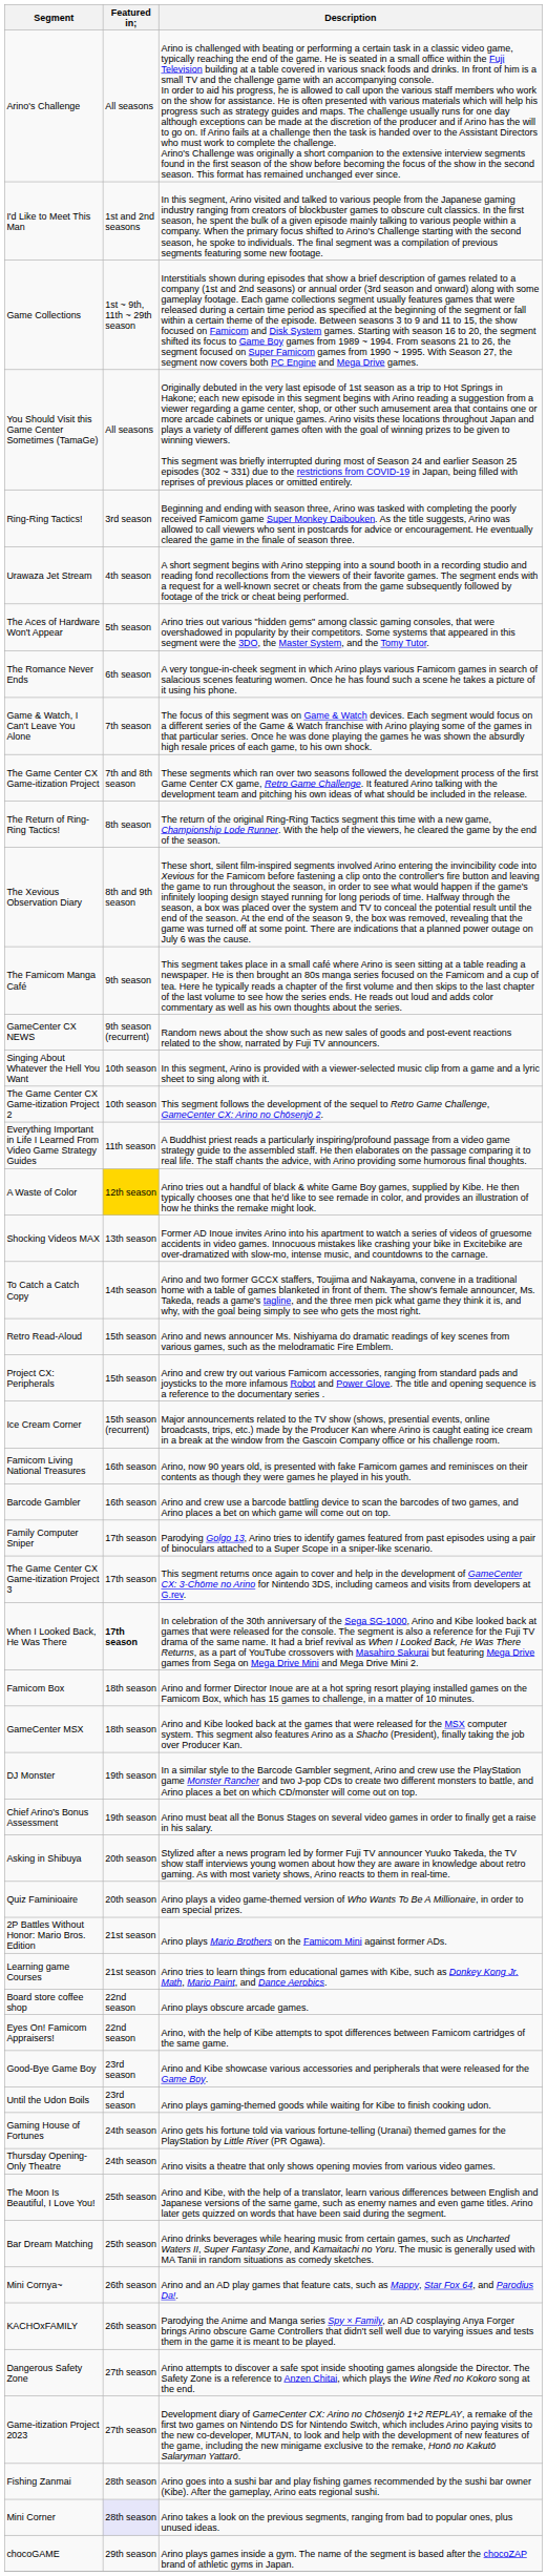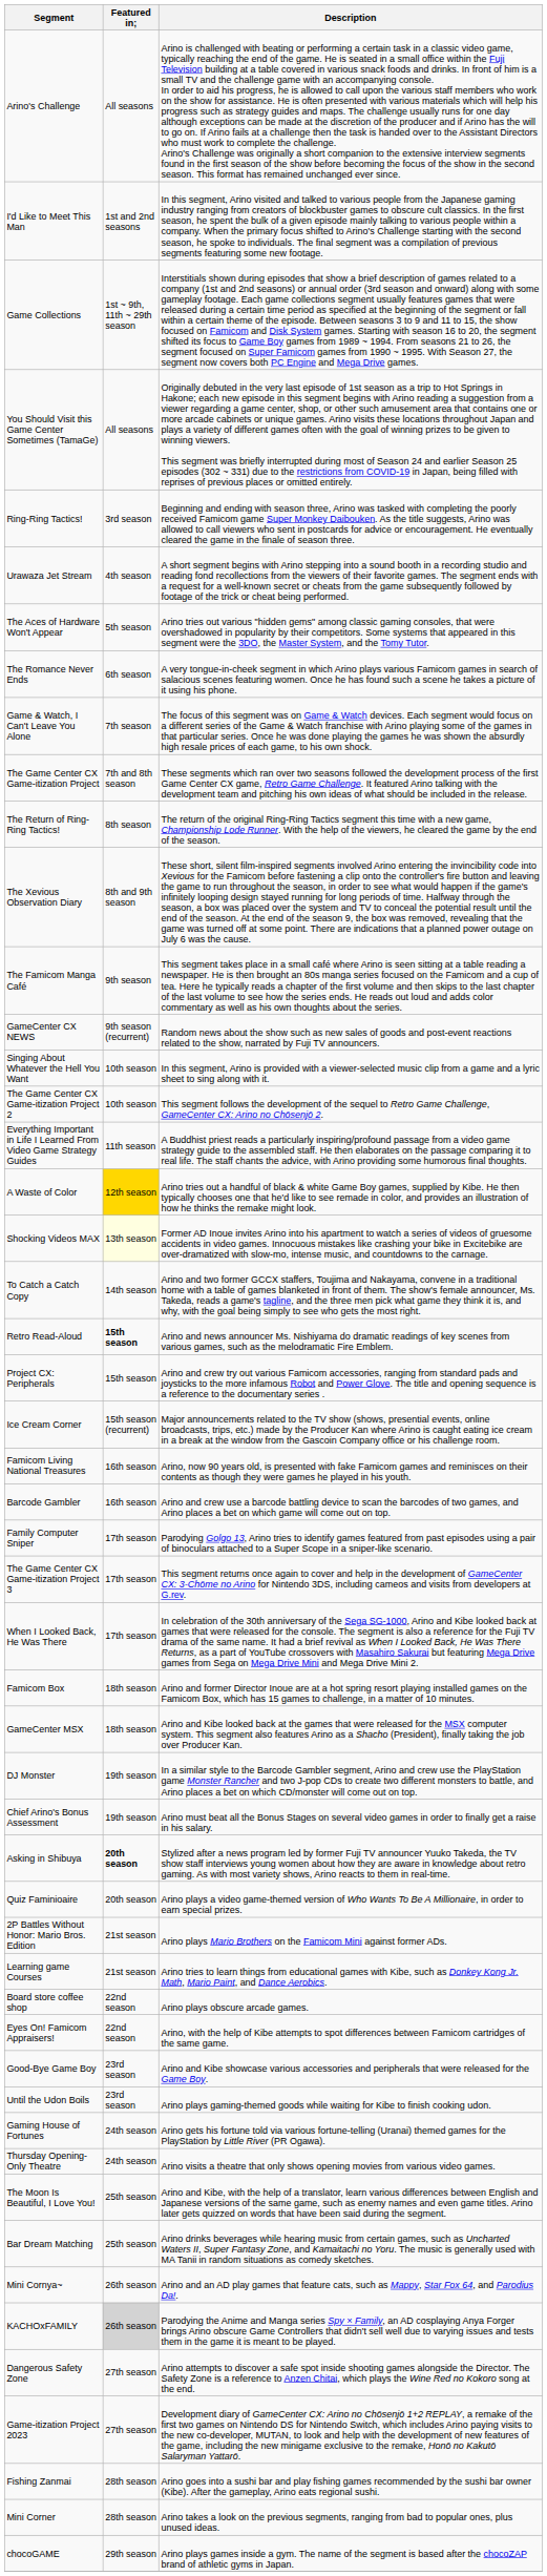 <table class="wikitable" style="font-size: 95%;">
 <tr>
 <th>Segment</th>
 <th>Featured in;</th>
 <th>Description</th>
 </tr>
 <tr>
 <td>Arino's Challenge</td>
 <td>All seasons</td>
 <td><br>Arino is challenged with beating or performing a certain task in a classic video game, typically reaching the end of the game. He is seated in a small office within the <a href='#'>Fuji Television</a> building at a table covered in various snack foods and drinks. In front of him is a small TV and the challenge game with an accompanying console.<br>In order to aid his progress, he is allowed to call upon the various staff members who work on the show for assistance. He is often presented with various materials which will help his progress such as strategy guides and maps. The challenge usually runs for one day although exceptions can be made at the discretion of the producer and if Arino has the will to go on. If Arino fails at a challenge then the task is handed over to the Assistant Directors who must work to complete the challenge.<br>Arino's Challenge was originally a short companion to the extensive interview segments found in the first season of the show before becoming the focus of the show in the second season. This format has remained unchanged ever since.</td>
 </tr>
 <tr>
 <td>I'd Like to Meet This Man</td>
 <td>1st and 2nd seasons</td>
 <td><br>In this segment, Arino visited and talked to various people from the Japanese gaming industry ranging from creators of blockbuster games to obscure cult classics. In the first season, he spent the bulk of a given episode mainly talking to various people within a company. When the primary focus shifted to Arino's Challenge starting with the second season, he spoke to individuals. The final segment was a compilation of previous segments featuring some new footage.</td>
 </tr>
 <tr>
 <td>Game Collections</td>
 <td>1st ~ 9th, 11th ~ 29th season</td>
 <td><br>Interstitials shown during episodes that show a brief description of games related to a company (1st and 2nd seasons) or annual order (3rd season and onward) along with some gameplay footage. Each game collections segment usually features games that were released during a certain time period as specified at the beginning of the segment or fall within a certain theme of the episode. Between seasons 3 to 9 and 11 to 15, the show focused on <a href='#'>Famicom</a> and <a href='#'>Disk System</a> games. Starting with season 16 to 20, the segment shifted its focus to <a href='#'>Game Boy</a> games from 1989 ~ 1994. From seasons 21 to 26, the segment focused on <a href='#'>Super Famicom</a> games from 1990 ~ 1995. With Season 27, the segment now covers both <a href='#'>PC Engine</a> and <a href='#'>Mega Drive</a> games.</td>
 </tr>
 <tr>
 <td>You Should Visit this Game Center Sometimes (TamaGe)</td>
 <td>All seasons</td>
 <td><br>Originally debuted in the very last episode of 1st season as a trip to Hot Springs in Hakone; each new episode in this segment begins with Arino reading a suggestion from a viewer regarding a game center, shop, or other such amusement area that contains one or more arcade cabinets or unique games. Arino visits these locations throughout Japan and plays a variety of different games often with the goal of winning prizes to be given to winning viewers.<br><br>This segment was briefly interrupted during most of Season 24 and earlier Season 25 episodes (302 ~ 331) due to the <a href='#'>restrictions from COVID-19</a> in Japan, being filled with reprises of previous places or omitted entirely.</td>
 </tr>
 <tr>
 <td>Ring-Ring Tactics!</td>
 <td>3rd season</td>
 <td><br>Beginning and ending with season three, Arino was tasked with completing the poorly received Famicom game <a href='#'>Super Monkey Daibouken</a>. As the title suggests, Arino was allowed to call viewers who sent in postcards for advice or encouragement. He eventually cleared the game in the finale of season three.</td>
 </tr>
 <tr>
 <td>Urawaza Jet Stream</td>
 <td>4th season</td>
 <td><br>A short segment begins with Arino stepping into a sound booth in a recording studio and reading fond recollections from the viewers of their favorite games. The segment ends with a request for a well-known secret or cheats from the game subsequently followed by footage of the trick or cheat being performed.</td>
 </tr>
 <tr>
 <td>The Aces of Hardware Won't Appear</td>
 <td>5th season</td>
 <td><br>Arino tries out various "hidden gems" among classic gaming consoles, that were overshadowed in popularity by their competitors. Some systems that appeared in this segment were the <a href='#'>3DO</a>, the <a href='#'>Master System</a>, and the <a href='#'>Tomy Tutor</a>.</td>
 </tr>
 <tr>
 <td>The Romance Never Ends</td>
 <td>6th season</td>
 <td><br>A very tongue-in-cheek segment in which Arino plays various Famicom games in search of salacious scenes featuring women. Once he has found such a scene he takes a picture of it using his phone.</td>
 </tr>
 <tr>
 <td>Game & Watch, I Can't Leave You Alone</td>
 <td>7th season</td>
 <td><br>The focus of this segment was on <a href='#'>Game & Watch</a> devices. Each segment would focus on a different series of the Game & Watch franchise with Arino playing some of the games in that particular series. Once he was done playing the games he was shown the absurdly high resale prices of each game, to his own shock.</td>
 </tr>
 <tr>
 <td>The Game Center CX Game-itization Project</td>
 <td>7th and 8th season</td>
 <td><br>These segments which ran over two seasons followed the development process of the first Game Center CX game, <em><a href='#'>Retro Game Challenge</a></em>. It featured Arino talking with the development team and pitching his own ideas of what should be included in the release.</td>
 </tr>
 <tr>
 <td>The Return of Ring-Ring Tactics!</td>
 <td>8th season</td>
 <td><br>The return of the original Ring-Ring Tactics segment this time with a new game, <em><a href='#'>Championship Lode Runner</a></em>. With the help of the viewers, he cleared the game by the end of the season.</td>
 </tr>
 <tr>
 <td>The Xevious Observation Diary</td>
 <td>8th and 9th season</td>
 <td><br>These short, silent film-inspired segments involved Arino entering the invincibility code into <em>Xevious</em> for the Famicom before fastening a clip onto the controller's fire button and leaving the game to run throughout the season, in order to see what would happen if the game's infinitely looping design stayed running for long periods of time. Halfway through the season, a box was placed over the system and TV to conceal the potential result until the end of the season. At the end of the season 9, the box was removed, revealing that the game was turned off at some point. There are indications that a planned power outage on July 6 was the cause.</td>
 </tr>
 <tr>
 <td>The Famicom Manga Café</td>
 <td>9th season</td>
 <td><br>This segment takes place in a small café where Arino is seen sitting at a table reading a newspaper. He is then brought an 80s manga series focused on the Famicom and a cup of tea. Here he typically reads a chapter of the first volume and then skips to the last chapter of the last volume to see how the series ends. He reads out loud and adds color commentary as well as his own thoughts about the series.</td>
 </tr>
 <tr>
 <td>GameCenter CX NEWS</td>
 <td>9th season (recurrent)</td>
 <td><br>Random news about the show such as new sales of goods and post-event reactions related to the show, narrated by Fuji TV announcers.</td>
 </tr>
 <tr>
 <td>Singing About Whatever the Hell You Want</td>
 <td>10th season</td>
 <td><br>In this segment, Arino is provided with a viewer-selected music clip from a game and a lyric sheet to sing along with it.</td>
 </tr>
 <tr>
 <td>The Game Center CX Game-itization Project 2</td>
 <td>10th season</td>
 <td><br>This segment follows the development of the sequel to <em>Retro Game Challenge</em>, <em><a href='#'>GameCenter CX: Arino no Chōsenjō 2</a></em>.</td>
 </tr>
 <tr>
 <td>Everything Important in Life I Learned From Video Game Strategy Guides</td>
 <td>11th season</td>
 <td><br>A Buddhist priest reads a particularly inspiring/profound passage from a video game strategy guide to the assembled staff. He then elaborates on the passage comparing it to real life. The staff chants the advice, with Arino providing some humorous final thoughts.</td>
 </tr>
 <tr>
 <td>A Waste of Color</td>
 <td style="background: gold;">12th season</td>
 <td><br>Arino tries out a handful of black & white Game Boy games, supplied by Kibe. He then typically chooses one that he'd like to see remade in color, and provides an illustration of how he thinks the remake might look.</td>
 </tr>
 <tr>
 <td>Shocking Videos MAX</td>
-<td>13th season</td>
+<td style="background: lightyellow;">13th season</td>
 <td><br>Former AD Inoue invites Arino into his apartment to watch a series of videos of gruesome accidents in video games. Innocuous mistakes like crashing your bike in Excitebike are over-dramatized with slow-mo, intense music, and countdowns to the carnage.</td>
 </tr>
 <tr>
 <td>To Catch a Catch Copy</td>
 <td>14th season</td>
 <td><br>Arino and two former GCCX staffers, Toujima and Nakayama, convene in a traditional home with a table of games blanketed in front of them. The show's female announcer, Ms. Takeda, reads a game's <a href='#'>tagline</a>, and the three men pick what game they think it is, and why, with the goal being simply to see who gets the most right.</td>
 </tr>
 <tr>
 <td>Retro Read-Aloud</td>
-<td>15th season</td>
+<td><strong>15th season</strong></td>
 <td><br>Arino and news announcer Ms. Nishiyama do dramatic readings of key scenes from various games, such as the melodramatic Fire Emblem.</td>
 </tr>
 <tr>
 <td>Project CX: Peripherals</td>
 <td>15th season</td>
 <td><br>Arino and crew try out various Famicom accessories, ranging from standard pads and joysticks to the more infamous <a href='#'>Robot</a> and <a href='#'>Power Glove</a>. The title and opening sequence is a reference to the documentary series <em></em>.</td>
 </tr>
 <tr>
 <td>Ice Cream Corner</td>
 <td>15th season (recurrent)</td>
 <td><br>Major announcements related to the TV show (shows, presential events, online broadcasts, trips, etc.) made by the Producer Kan where Arino is caught eating ice cream in a break at the window from the Gascoin Company office or his challenge room.</td>
 </tr>
 <tr>
 <td>Famicom Living National Treasures</td>
 <td>16th season</td>
 <td><br>Arino, now 90 years old, is presented with fake Famicom games and reminisces on their contents as though they were games he played in his youth.</td>
 </tr>
 <tr>
 <td>Barcode Gambler</td>
 <td>16th season</td>
 <td><br>Arino and crew use a barcode battling device to scan the barcodes of two games, and Arino places a bet on which game will come out on top.</td>
 </tr>
 <tr>
 <td>Family Computer Sniper</td>
 <td>17th season</td>
 <td><br>Parodying <em><a href='#'>Golgo 13</a></em>, Arino tries to identify games featured from past episodes using a pair of binoculars attached to a Super Scope in a sniper-like scenario.</td>
 </tr>
 <tr>
 <td>The Game Center CX Game-itization Project 3</td>
 <td>17th season</td>
 <td><br>This segment returns once again to cover and help in the development of <em><a href='#'>GameCenter CX: 3-Chōme no Arino</a></em> for Nintendo 3DS, including cameos and visits from developers at <a href='#'>G.rev</a>.</td>
 </tr>
 <tr>
 <td>When I Looked Back, He Was There</td>
-<td><strong>17th season</strong></td>
+<td>17th season</td>
 <td><br>In celebration of the 30th anniversary of the <a href='#'>Sega SG-1000</a>, Arino and Kibe looked back at games that were released for the console. The segment is also a reference for the Fuji TV drama of the same name. It had a brief revival as <em>When I Looked Back, He Was There Returns</em>, as a part of YouTube crossovers with <a href='#'>Masahiro Sakurai</a> but featuring <a href='#'>Mega Drive</a> games from Sega on <a href='#'>Mega Drive Mini</a> and Mega Drive Mini 2.</td>
 </tr>
 <tr>
 <td>Famicom Box</td>
 <td>18th season</td>
 <td><br>Arino and former Director Inoue are at a hot spring resort playing installed games on the Famicom Box, which has 15 games to challenge, in a matter of 10 minutes.</td>
 </tr>
 <tr>
 <td>GameCenter MSX</td>
 <td>18th season</td>
 <td><br>Arino and Kibe looked back at the games that were released for the <a href='#'>MSX</a> computer system. This segment also features Arino as a <em>Shacho</em> (President), finally taking the job over Producer Kan.</td>
 </tr>
 <tr>
 <td>DJ Monster</td>
 <td>19th season</td>
 <td><br>In a similar style to the Barcode Gambler segment, Arino and crew use the PlayStation game <em><a href='#'>Monster Rancher</a></em> and two J-pop CDs to create two different monsters to battle, and Arino places a bet on which CD/monster will come out on top.</td>
 </tr>
 <tr>
 <td>Chief Arino's Bonus Assessment</td>
 <td>19th season</td>
 <td><br>Arino must beat all the Bonus Stages on several video games in order to finally get a raise in his salary.</td>
 </tr>
 <tr>
 <td>Asking in Shibuya</td>
-<td>20th season</td>
+<td><strong>20th season</strong></td>
 <td><br>Stylized after a news program led by former Fuji TV announcer Yuuko Takeda, the TV show staff interviews young women about how they are aware in knowledge about retro gaming. As with most variety shows, Arino reacts to them in real-time.</td>
 </tr>
 <tr>
 <td>Quiz Faminioaire</td>
 <td>20th season</td>
 <td><br>Arino plays a video game-themed version of <em>Who Wants To Be A Millionaire</em>, in order to earn special prizes.</td>
 </tr>
 <tr>
 <td>2P Battles Without Honor: Mario Bros. Edition</td>
 <td>21st season</td>
 <td><br>Arino plays <em><a href='#'>Mario Brothers</a></em> on the <a href='#'>Famicom Mini</a> against former ADs.</td>
 </tr>
 <tr>
 <td>Learning game Courses</td>
 <td>21st season</td>
 <td><br>Arino tries to learn things from educational games with Kibe, such as <em><a href='#'>Donkey Kong Jr. Math</a></em>, <em><a href='#'>Mario Paint</a></em>, and <em><a href='#'>Dance Aerobics</a></em>.</td>
 </tr>
 <tr>
 <td>Board store coffee shop</td>
 <td>22nd season</td>
 <td><br>Arino plays obscure arcade games.</td>
 </tr>
 <tr>
 <td>Eyes On! Famicom Appraisers!</td>
 <td>22nd season</td>
 <td><br>Arino, with the help of Kibe attempts to spot differences between Famicom cartridges of the same game.</td>
 </tr>
 <tr>
 <td>Good-Bye Game Boy</td>
 <td>23rd season</td>
 <td><br>Arino and Kibe showcase various accessories and peripherals that were released for the <em><a href='#'>Game Boy</a></em>.</td>
 </tr>
 <tr>
 <td>Until the Udon Boils</td>
 <td>23rd season</td>
 <td><br>Arino plays gaming-themed goods while waiting for Kibe to finish cooking udon.</td>
 </tr>
 <tr>
 <td>Gaming House of Fortunes</td>
 <td>24th season</td>
 <td><br>Arino gets his fortune told via various fortune-telling (Uranai) themed games for the PlayStation by <em>Little River</em> (PR Ogawa).</td>
 </tr>
 <tr>
 <td>Thursday Opening-Only Theatre</td>
 <td>24th season</td>
 <td><br>Arino visits a theatre that only shows opening movies from various video games.</td>
 </tr>
 <tr>
 <td>The Moon Is Beautiful, I Love You!</td>
 <td>25th season</td>
 <td><br>Arino and Kibe, with the help of a translator, learn various differences between English and Japanese versions of the same game, such as enemy names and even game titles. Arino later gets quizzed on words that have been said during the segment.</td>
 </tr>
 <tr>
 <td>Bar Dream Matching</td>
 <td>25th season</td>
 <td><br>Arino drinks beverages while hearing music from certain games, such as <em>Uncharted Waters II</em>, <em>Super Fantasy Zone</em>, and <em>Kamaitachi no Yoru</em>. The music is generally used with MA Tanii in random situations as comedy sketches.</td>
 </tr>
 <tr>
 <td>Mini Cornya~</td>
 <td>26th season</td>
 <td><br>Arino and an AD play games that feature cats, such as <em><a href='#'>Mappy</a></em>, <em><a href='#'>Star Fox 64</a></em>, and <em><a href='#'>Parodius Da!</a></em>.</td>
 </tr>
 <tr>
 <td>KACHOxFAMILY</td>
-<td>26th season</td>
+<td style="background: lightgrey;">26th season</td>
 <td><br>Parodying the Anime and Manga series <em><a href='#'>Spy × Family</a></em>, an AD cosplaying Anya Forger brings Arino obscure Game Controllers that didn't sell well due to varying issues and tests them in the game it is meant to be played.</td>
 </tr>
 <tr>
 <td>Dangerous Safety Zone</td>
 <td>27th season</td>
 <td><br>Arino attempts to discover a safe spot inside shooting games alongside the Director. The Safety Zone is a reference to <a href='#'>Anzen Chitai</a>, which plays the <em>Wine Red no Kokoro</em> song at the end.</td>
 </tr>
 <tr>
 <td>Game-itization Project 2023</td>
 <td>27th season</td>
 <td><br>Development diary of <em>GameCenter CX: Arino no Chōsenjō 1+2 REPLAY</em>, a remake of the first two games on Nintendo DS for Nintendo Switch, which includes Arino paying visits to the new co-developer, MUTAN, to look and help with the development of new features of the game, including the new minigame exclusive to the remake, <em>Honō no Kakutō Salaryman Yattarō</em>.</td>
 </tr>
 <tr>
 <td>Fishing Zanmai</td>
 <td>28th season</td>
 <td><br>Arino goes into a sushi bar and play fishing games recommended by the sushi bar owner (Kibe). After the gameplay, Arino eats regional sushi.</td>
 </tr>
 <tr>
 <td>Mini Corner</td>
-<td style="background: lavender;">28th season</td>
+<td>28th season</td>
 <td><br>Arino takes a look on the previous segments, ranging from bad to popular ones, plus unused ideas.</td>
 </tr>
 <tr>
 <td>chocoGAME</td>
 <td>29th season</td>
 <td><br>Arino plays games inside a gym. The name of the segment is based after the <a href='#'>chocoZAP</a> brand of athletic gyms in Japan.</td>
 </tr>
 <tr>
 </tr>
 </table>
